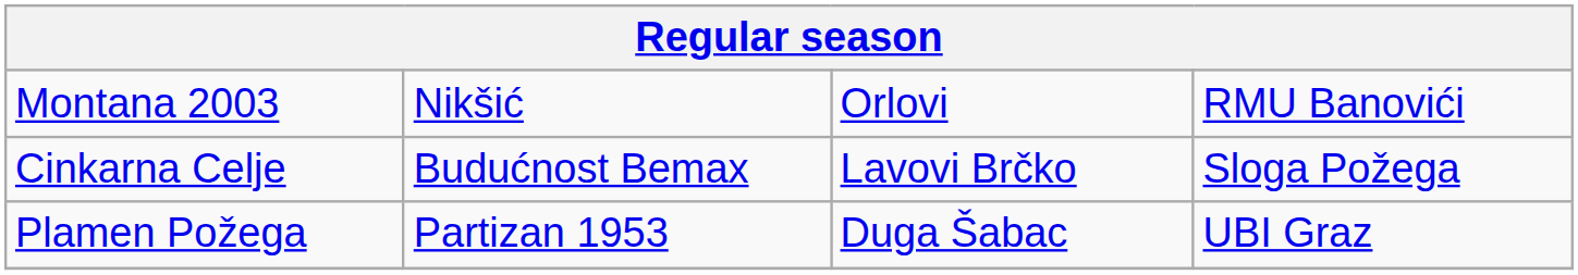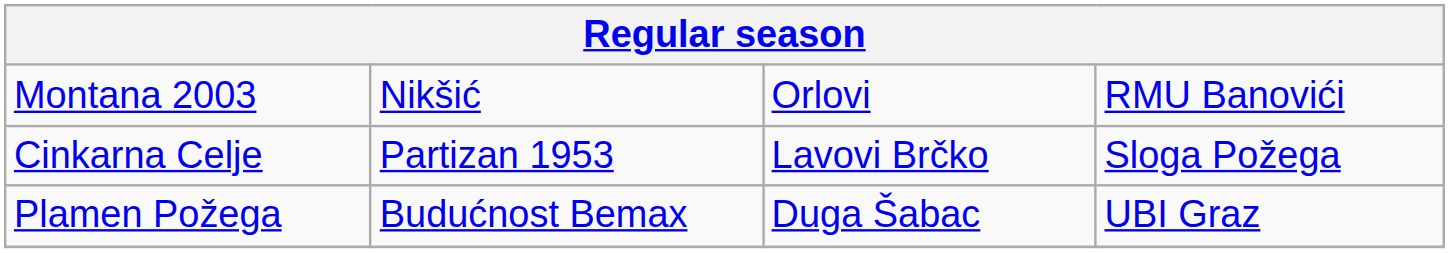 <table class="wikitable" style="white-space: nowrap;">
 <tr>
 <th colspan=6><a href='#'>Regular season</a></th>
 </tr>
 <tr>
 <td width=210> <a href='#'>Montana 2003</a></td>
 <td width=210> <a href='#'>Nikšić</a></td>
 <td width=210> <a href='#'>Orlovi</a></td>
 <td width=210> <a href='#'>RMU Banovići</a></td>
 </tr>
 <tr>
 <td width=210> <a href='#'>Cinkarna Celje</a></td>
-<td width=210> <a href='#'>Budućnost Bemax</a></td>
+<td width=210> <a href='#'>Partizan 1953</a></td>
 <td width=210> <a href='#'>Lavovi Brčko</a></td>
 <td width=210> <a href='#'>Sloga Požega</a></td>
 </tr>
 <tr>
 <td width=210> <a href='#'>Plamen Požega</a></td>
-<td width=210> <a href='#'>Partizan 1953</a></td>
+<td width=210> <a href='#'>Budućnost Bemax</a></td>
 <td width=210> <a href='#'>Duga Šabac</a></td>
 <td width=210> <a href='#'>UBI Graz</a></td>
 </tr>
 <tr>
 </tr>
 </table>
